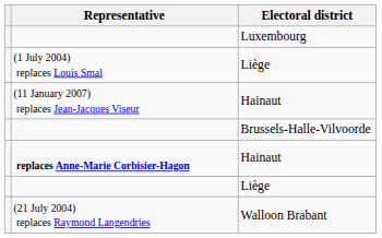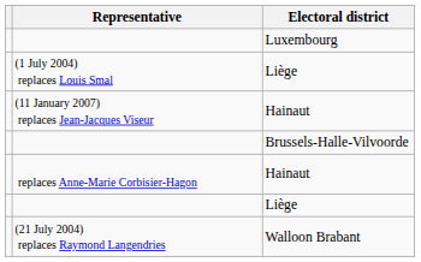 <table class="sortable wikitable" style="text-align:left; font-size:90%">
 <tr>
 <th></th>
 <th width="250">Representative</th>
 <th width="150">Electoral district</th>
 </tr>
 <tr>
 <td></td>
 <td></td>
 <td>Luxembourg</td>
 </tr>
 <tr>
 <td></td>
 <td> <small>(1 July 2004)<br> replaces <a href='#'>Louis Smal</a></small></td>
 <td>Liège</td>
 </tr>
 <tr>
 <td></td>
 <td> <small>(11 January 2007)<br> replaces <a href='#'>Jean-Jacques Viseur</a></small></td>
 <td>Hainaut</td>
 </tr>
 <tr>
 <td></td>
 <td></td>
 <td>Brussels-Halle-Vilvoorde</td>
 </tr>
 <tr>
 <td></td>
-<td><strong> <small><br> replaces <a href='#'>Anne-Marie Corbisier-Hagon</a></small></strong></td>
+<td> <small><br> replaces <a href='#'>Anne-Marie Corbisier-Hagon</a></small></td>
 <td>Hainaut</td>
 </tr>
 <tr>
 <td></td>
 <td></td>
 <td>Liège</td>
 </tr>
 <tr>
 <td></td>
 <td> <small>(21 July 2004)<br> replaces <a href='#'>Raymond Langendries</a></small></td>
 <td>Walloon Brabant</td>
 </tr>
 </table>
